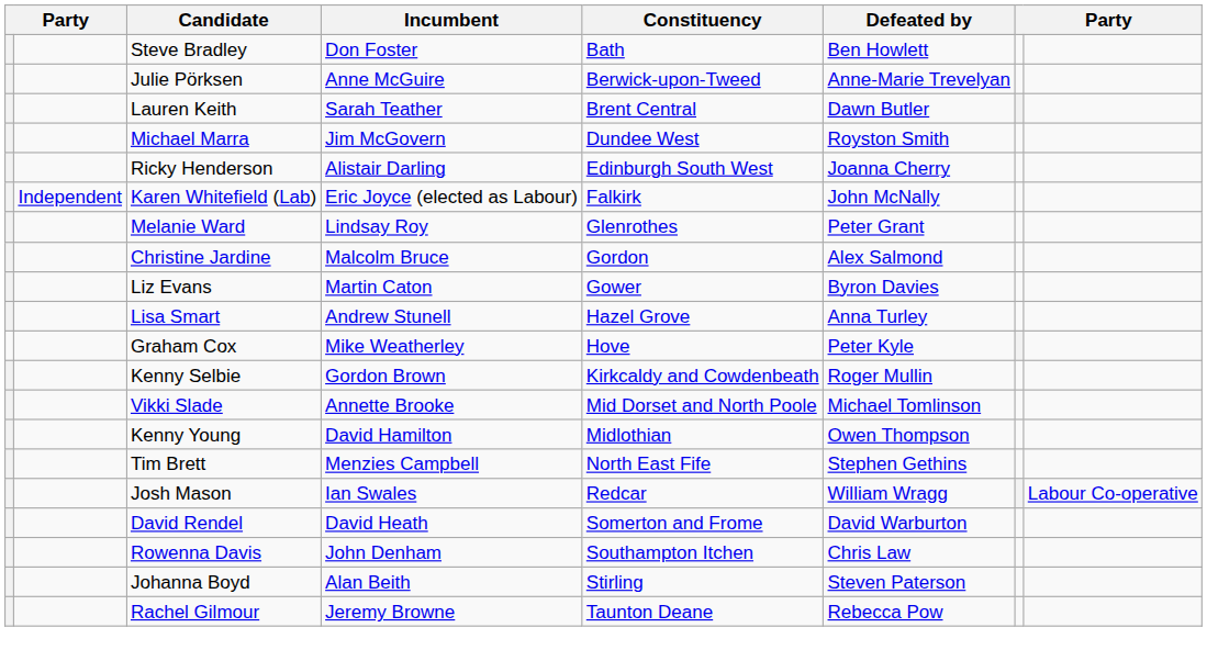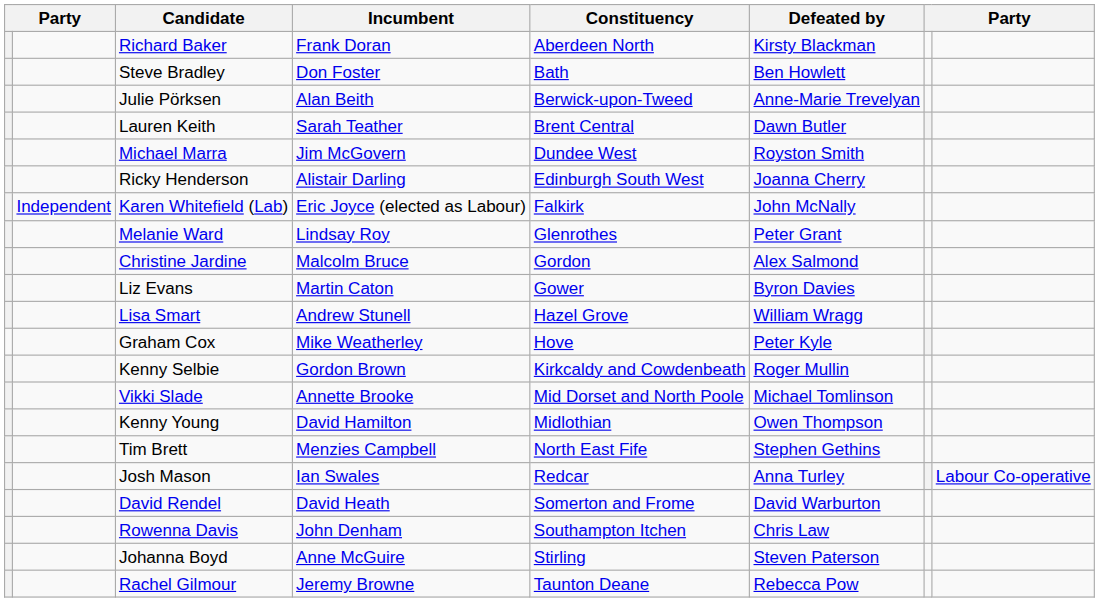 <table class="wikitable sortable" style="font-size: 95%;">
 <tr>
 <th colspan="2">Party</th>
 <th>Candidate</th>
 <th>Incumbent</th>
 <th>Constituency</th>
 <th>Defeated by</th>
 <th colspan="2">Party</th>
+</tr>
+<tr>
+<th style="color:inherit;background-color: "></th>
+<td></td>
+<td data-sort-value="Baker, Richard"><a href='#'>Richard Baker</a></td>
+<td data-sort-value="Doran, Frank"><a href='#'>Frank Doran</a></td>
+<td><a href='#'>Aberdeen North</a></td>
+<td data-sort-value="Blackman, Kirsty"><a href='#'>Kirsty Blackman</a></td>
+<td style="color:inherit;background-color: "></td>
+<td></td>
 </tr>
 <tr>
 <th style="color:inherit;background-color: "></th>
 <td></td>
 <td data-sort-value="Bradley, Steve">Steve Bradley</td>
 <td data-sort-value="Foster, Don"><a href='#'>Don Foster</a></td>
 <td><a href='#'>Bath</a></td>
 <td data-sort-value="Howlett, Ben"><a href='#'>Ben Howlett</a></td>
 <td style="color:inherit;background-color: "></td>
 <td></td>
 </tr>
 <tr>
 <th style="color:inherit;background-color: "></th>
 <td></td>
 <td data-sort-value="Poksen, Julie">Julie Pörksen</td>
-<td data-sort-value="Macguire, Anne"><a href='#'>Anne McGuire</a></td>
+<td data-sort-value="Beith, Alan"><a href='#'>Alan Beith</a></td>
 <td><a href='#'>Berwick-upon-Tweed</a></td>
 <td data-sort-value="Trevelyan, Anne-Marie"><a href='#'>Anne-Marie Trevelyan</a></td>
 <td style="color:inherit;background-color: "></td>
 <td></td>
 </tr>
 <tr>
 <th style="color:inherit;background-color: "></th>
 <td></td>
 <td data-sort-value="Keith, Lauren">Lauren Keith</td>
 <td data-sort-value="Teather, Sarah"><a href='#'>Sarah Teather</a></td>
 <td><a href='#'>Brent Central</a></td>
 <td data-sort-value="Butler, Dawn"><a href='#'>Dawn Butler</a></td>
 <th style="color:inherit;background-color: "></th>
 <td></td>
 </tr>
 <tr>
 <th style="color:inherit;background-color: "></th>
 <td></td>
 <td data-sort-value="Marra, Michael"><a href='#'>Michael Marra</a></td>
 <td data-sort-value="Macgovern, Jim"><a href='#'>Jim McGovern</a></td>
 <td><a href='#'>Dundee West</a></td>
 <td data-sort-value="Smith, Royston"><a href='#'>Royston Smith</a></td>
 <td style="color:inherit;background-color: "></td>
 <td></td>
 </tr>
 <tr>
 <th style="color:inherit;background-color: "></th>
 <td></td>
 <td data-sort-value="Henderson, Ricky">Ricky Henderson</td>
 <td data-sort-value="Darling, Alistair"><a href='#'>Alistair Darling</a></td>
 <td><a href='#'>Edinburgh South West</a></td>
 <td data-sort-value="Cherry, Joanna%"><a href='#'>Joanna Cherry</a></td>
 <td style="color:inherit;background-color: "></td>
 <td></td>
 </tr>
 <tr>
 <th style="color:inherit;background-color: "></th>
 <td><a href='#'>Independent</a></td>
 <td data-sort-value="Whitefield, Karen"><a href='#'>Karen Whitefield</a> (<a href='#'>Lab</a>)</td>
 <td data-sort-value="Joyce, Eric"><a href='#'>Eric Joyce</a> (elected as Labour)</td>
 <td><a href='#'>Falkirk</a></td>
 <td data-sort-value="Macnally, John"><a href='#'>John McNally</a></td>
 <td style="color:inherit;background-color: "></td>
 <td></td>
 </tr>
 <tr>
 <th style="color:inherit;background-color: "></th>
 <td></td>
 <td data-sort-value="Ward, Melanie"><a href='#'>Melanie Ward</a></td>
 <td data-sort-value="Roy, Lindsay"><a href='#'>Lindsay Roy</a></td>
 <td><a href='#'>Glenrothes</a></td>
 <td data-sort-value="Grant, Peter"><a href='#'>Peter Grant</a></td>
 <td style="color:inherit;background-color: "></td>
 <td></td>
 </tr>
 <tr>
 <th style="color:inherit;background-color: "></th>
 <td></td>
 <td data-sort-value="Jardine, Christine"><a href='#'>Christine Jardine</a></td>
 <td data-sort-value="Bruce, Malcolm"><a href='#'>Malcolm Bruce</a></td>
 <td><a href='#'>Gordon</a></td>
 <td data-sort-value="Salmond, Alex"><a href='#'>Alex Salmond</a></td>
 <td style="color:inherit;background-color: "></td>
 <td></td>
 </tr>
 <tr>
 <th style="color:inherit;background-color: "></th>
 <td></td>
 <td data-sort-value="Evans, Liz">Liz Evans</td>
 <td data-sort-value="Caton, Martin"><a href='#'>Martin Caton</a></td>
 <td><a href='#'>Gower</a></td>
 <td data-sort-value="Davies, Byron"><a href='#'>Byron Davies</a></td>
 <td style="color:inherit;background-color: "></td>
 <td></td>
 </tr>
 <tr>
 <th style="color:inherit;background-color: "></th>
 <td></td>
 <td data-sort-value="Smart, Lisa"><a href='#'>Lisa Smart</a></td>
 <td data-sort-value="Stunnell, Andrew"><a href='#'>Andrew Stunell</a></td>
 <td><a href='#'>Hazel Grove</a></td>
-<td data-sort-value="Turley, Anna"><a href='#'>Anna Turley</a></td>
+<td data-sort-value="Wragg, William"><a href='#'>William Wragg</a></td>
 <td style="color:inherit;background-color: "></td>
 <td></td>
 </tr>
 <tr>
 <td style="color:inherit;background-color: "></td>
 <td></td>
 <td data-sort-value="Cox, Grahanm">Graham Cox</td>
 <td data-sort-value="Weatherley, Mike"><a href='#'>Mike Weatherley</a></td>
 <td><a href='#'>Hove</a></td>
 <td data-sort-value="Kyle, Peter"><a href='#'>Peter Kyle</a></td>
 <th style="color:inherit;background-color: "></th>
 <td></td>
 </tr>
 <tr>
 <th style="color:inherit;background-color: "></th>
 <td></td>
 <td data-sort-value="Selbie, Kenny">Kenny Selbie</td>
 <td data-sort-value="Brown, Gordon"><a href='#'>Gordon Brown</a></td>
 <td><a href='#'>Kirkcaldy and Cowdenbeath</a></td>
 <td data-sort-value="Mullin, Roger"><a href='#'>Roger Mullin</a></td>
 <td style="color:inherit;background-color: "></td>
 <td></td>
 </tr>
 <tr>
 <th style="color:inherit;background-color: "></th>
 <td></td>
 <td data-sort-value="Slade, Vikki"><a href='#'>Vikki Slade</a></td>
 <td data-sort-value="Brooke, Annette"><a href='#'>Annette Brooke</a></td>
 <td><a href='#'>Mid Dorset and North Poole</a></td>
 <td data-sort-value="Tomlinson, Michael"><a href='#'>Michael Tomlinson</a></td>
 <td style="color:inherit;background-color: "></td>
 <td></td>
 </tr>
 <tr>
 <th style="color:inherit;background-color: "></th>
 <td></td>
 <td data-sort-value="Young, Kenny">Kenny Young</td>
 <td data-sort-value="Hamilton, David"><a href='#'>David Hamilton</a></td>
 <td><a href='#'>Midlothian</a></td>
 <td data-sort-value="Thompson, Owen"><a href='#'>Owen Thompson</a></td>
 <td style="color:inherit;background-color: "></td>
 <td></td>
 </tr>
 <tr>
 <th style="color:inherit;background-color: "></th>
 <td></td>
 <td data-sort-value="Brett, Tim">Tim Brett</td>
 <td data-sort-value="Campbell, Menzies"><a href='#'>Menzies Campbell</a></td>
 <td><a href='#'>North East Fife</a></td>
 <td data-sort-value="Gethins, Stephen"><a href='#'>Stephen Gethins</a></td>
 <td style="color:inherit;background-color: "></td>
 <td></td>
 </tr>
 <tr>
 <th style="color:inherit;background-color: "></th>
 <td></td>
 <td data-sort-value="Mason, John">Josh Mason</td>
 <td data-sort-value="Swales, Ian"><a href='#'>Ian Swales</a></td>
 <td><a href='#'>Redcar</a></td>
-<td data-sort-value="Wragg, William"><a href='#'>William Wragg</a></td>
+<td data-sort-value="Turley, Anna"><a href='#'>Anna Turley</a></td>
 <th style="color:inherit;background-color: "></th>
 <td><a href='#'>Labour Co-operative</a></td>
 </tr>
 <tr>
 <th style="color:inherit;background-color: "></th>
 <td></td>
 <td data-sort-value="Rendel, David"><a href='#'>David Rendel</a></td>
 <td data-sort-value="Heath, David"><a href='#'>David Heath</a></td>
 <td><a href='#'>Somerton and Frome</a></td>
 <td data-sort-value="Warburton, David"><a href='#'>David Warburton</a></td>
 <td style="color:inherit;background-color: "></td>
 <td></td>
 </tr>
 <tr>
 <th style="color:inherit;background-color: "></th>
 <td></td>
 <td data-sort-value="Davis, Rowena"><a href='#'>Rowenna Davis</a></td>
 <td data-sort-value="DEnham, John"><a href='#'>John Denham</a></td>
 <td><a href='#'>Southampton Itchen</a></td>
 <td data-sort-value="Law, Chris"><a href='#'>Chris Law</a></td>
 <td style="color:inherit;background-color: "></td>
 <td></td>
 </tr>
 <tr>
 <th style="color:inherit;background-color: "></th>
 <td></td>
 <td data-sort-value="Boyd, Johanana">Johanna Boyd</td>
-<td data-sort-value="Beith, Alan"><a href='#'>Alan Beith</a></td>
+<td data-sort-value="Macguire, Anne"><a href='#'>Anne McGuire</a></td>
 <td><a href='#'>Stirling</a></td>
 <td data-sort-value="Paterson, Steven"><a href='#'>Steven Paterson</a></td>
 <td style="color:inherit;background-color: "></td>
 <td></td>
 </tr>
 <tr>
 <th style="color:inherit;background-color: "></th>
 <td></td>
 <td data-sort-value="Gilmour, Rachel"><a href='#'>Rachel Gilmour</a></td>
 <td data-sort-value="Browen, Jeremy"><a href='#'>Jeremy Browne</a></td>
 <td><a href='#'>Taunton Deane</a></td>
 <td data-sort-value="Pow, Rebecca"><a href='#'>Rebecca Pow</a></td>
 <td style="color:inherit;background-color: "></td>
 <td></td>
 </tr>
 </table>
